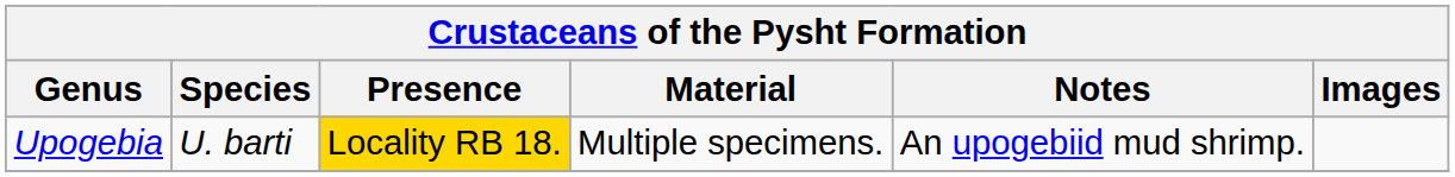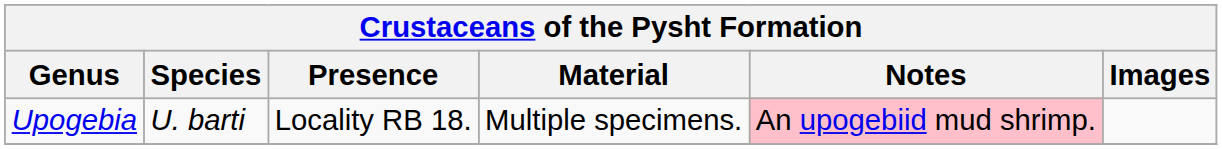 <table class="wikitable" align="center">
 <tr>
 <th colspan="6" align="center"><strong><a href='#'>Crustaceans</a> of the Pysht Formation</strong></th>
 </tr>
 <tr>
 <th>Genus</th>
 <th>Species</th>
 <th>Presence</th>
 <th><strong>Material</strong></th>
 <th>Notes</th>
 <th>Images</th>
 </tr>
 <tr>
 <td><em><a href='#'>Upogebia</a></em></td>
 <td><em>U. barti</em></td>
-<td style="background: gold;">Locality RB 18.</td>
+<td>Locality RB 18.</td>
 <td>Multiple specimens.</td>
-<td>An <a href='#'>upogebiid</a> mud shrimp.</td>
+<td style="background: pink;">An <a href='#'>upogebiid</a> mud shrimp.</td>
 <td></td>
 </tr>
 <tr>
 </tr>
 </table>
